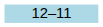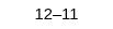 <table style="text-align:center">
 <tr>
 <th width=200></th>
 <th width=100></th>
 <th width=200></th>
 </tr>
 <tr>
 <td align=right><strong></strong></td>
-<td style="background: lightblue;">12–11</td>
+<td>12–11</td>
 <td align=left></td>
 </tr>
 </table>
